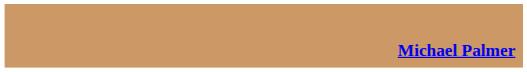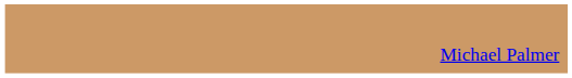 <table class="toccolours" style="float:right; margin-left:2em; margin-right:1em; font-size:90%; background:#c96; width:30em; max-width:40%;" cellspacing="5">
 <tr>
 <td style="text-align: left;"><br></td>
 </tr>
 <tr>
-<td style="text-align: right;"><strong><a href='#'>Michael Palmer</a></strong></td>
+<td style="text-align: right;"><a href='#'>Michael Palmer</a></td>
 </tr>
 </table>
